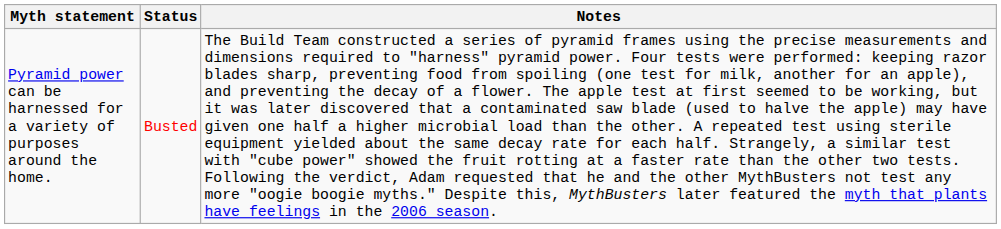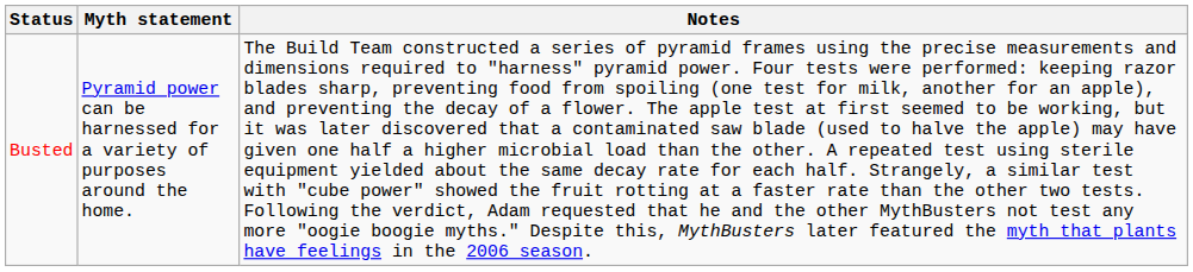 <table class="wikitable plainrowheaders">
 <tr>
+<th>Status</th>
 <th>Myth statement</th>
-<th>Status</th>
 <th>Notes</th>
 </tr>
 <tr>
+<td style="color:red">Busted</td>
 <td><a href='#'>Pyramid power</a> can be harnessed for a variety of purposes around the home.</td>
-<td style="color:red">Busted</td>
 <td>The Build Team constructed a series of pyramid frames using the precise measurements and dimensions required to "harness" pyramid power.  Four tests were performed: keeping razor blades sharp, preventing food from spoiling (one test for milk, another for an apple), and preventing the decay of a flower.  The apple test at first seemed to be working, but it was later discovered that a contaminated saw blade (used to halve the apple) may have given one half a higher microbial load than the other. A repeated test using sterile equipment yielded about the same decay rate for each half. Strangely, a similar test with "cube power" showed the fruit rotting at a faster rate than the other two tests. Following the verdict, Adam requested that he and the other MythBusters not test any more "oogie boogie myths." Despite this, <em>MythBusters</em> later featured the <a href='#'>myth that plants have feelings</a> in the <a href='#'>2006 season</a>.</td>
 </tr>
 </table>
